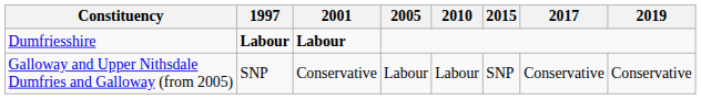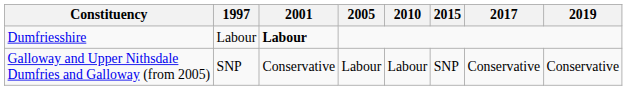 <table class="wikitable">
 <tr>
 <th>Constituency</th>
 <th>1997</th>
 <th>2001</th>
 <th>2005</th>
 <th>2010</th>
 <th>2015</th>
 <th>2017</th>
 <th>2019</th>
 </tr>
 <tr>
 <td><a href='#'>Dumfriesshire</a></td>
-<td bgcolor=><strong>Labour</strong></td>
+<td bgcolor=>Labour</td>
 <td bgcolor=><strong>Labour</strong></td>
 <td colspan="5"></td>
 </tr>
 <tr>
 <td><a href='#'>Galloway and Upper Nithsdale</a><br><a href='#'>Dumfries and Galloway</a> (from 2005)</td>
 <td bgcolor=>SNP</td>
 <td bgcolor=>Conservative</td>
 <td bgcolor=>Labour</td>
 <td bgcolor=>Labour</td>
 <td bgcolor=>SNP</td>
 <td bgcolor=>Conservative</td>
 <td bgcolor=>Conservative</td>
 </tr>
 </table>
